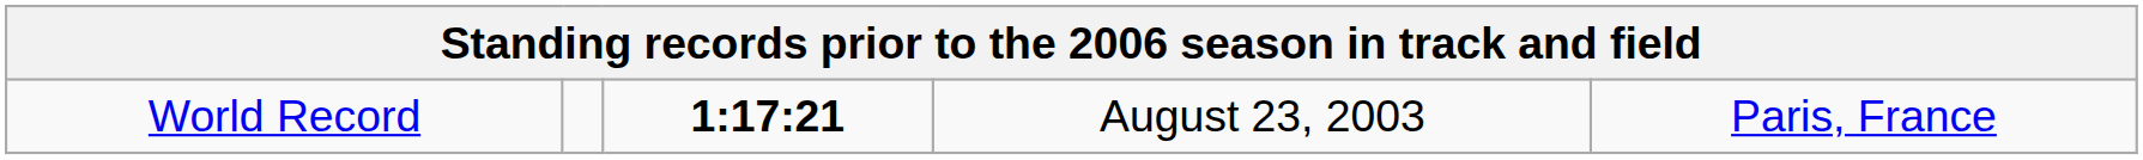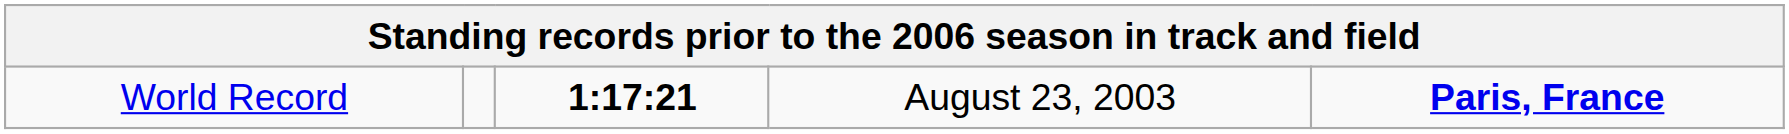 <table class="wikitable" style=" text-align:center; font-size:110%;" width="95%">
 <tr>
 <th colspan="5">Standing records prior to the 2006 season in track and field</th>
 </tr>
 <tr>
 <td><a href='#'>World Record</a></td>
 <td></td>
 <td><strong>1:17:21</strong></td>
 <td>August 23, 2003</td>
-<td> <a href='#'>Paris, France</a></td>
+<td><strong> <a href='#'>Paris, France</a></strong></td>
 </tr>
 </table>
